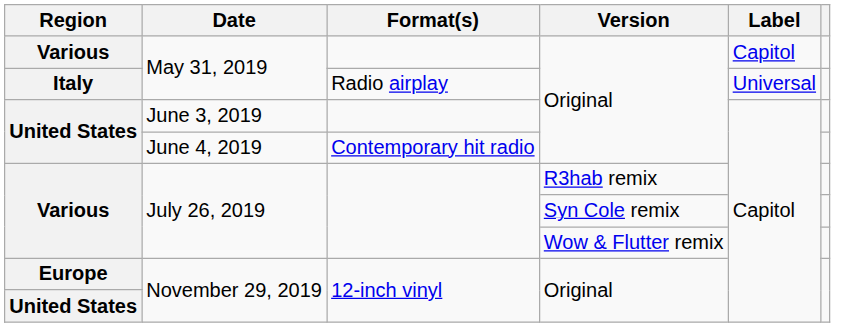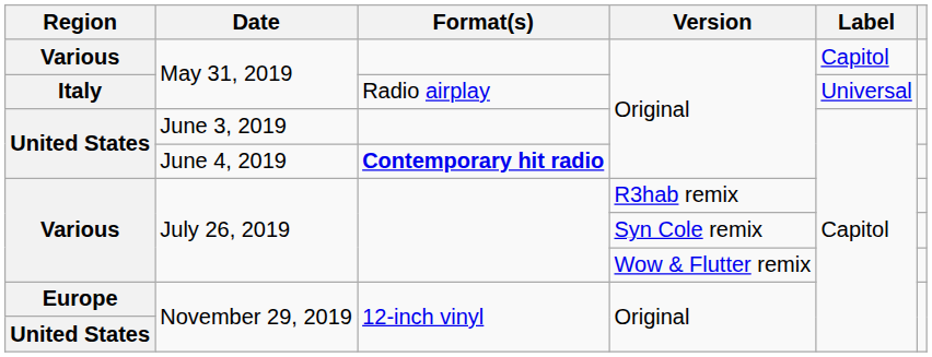 <table class="wikitable plainrowheaders">
 <tr>
 <th scope="col">Region</th>
 <th scope="col">Date</th>
 <th scope="col">Format(s)</th>
 <th scope="col">Version</th>
 <th scope="col">Label</th>
 <th scope="col"></th>
 </tr>
 <tr>
 <th scope="row">Various</th>
 <td rowspan="2">May 31, 2019</td>
 <td></td>
 <td rowspan="4">Original</td>
 <td><a href='#'>Capitol</a></td>
 <td align="center"></td>
 </tr>
 <tr>
 <th scope="row">Italy</th>
 <td>Radio <a href='#'>airplay</a></td>
 <td><a href='#'>Universal</a></td>
 <td align="center"></td>
 </tr>
 <tr>
 <th scope="row" rowspan="2">United States</th>
 <td>June 3, 2019</td>
 <td></td>
 <td rowspan="7">Capitol</td>
 <td align="center"></td>
 </tr>
 <tr>
 <td>June 4, 2019</td>
-<td><a href='#'>Contemporary hit radio</a></td>
+<td><strong><a href='#'>Contemporary hit radio</a></strong></td>
 <td align="center"></td>
 </tr>
 <tr>
 <th scope="row" rowspan="3">Various</th>
 <td rowspan="3">July 26, 2019</td>
 <td rowspan="3"></td>
 <td><a href='#'>R3hab</a> remix</td>
 <td align="center"></td>
 </tr>
 <tr>
 <td><a href='#'>Syn Cole</a> remix</td>
 <td align="center"></td>
 </tr>
 <tr>
 <td><a href='#'>Wow & Flutter</a> remix</td>
 <td align="center"></td>
 </tr>
 <tr>
 <th scope="row">Europe</th>
 <td rowspan="2">November 29, 2019</td>
 <td rowspan="2"><a href='#'>12-inch vinyl</a></td>
 <td rowspan="2">Original</td>
 <td align="center" rowspan="2"></td>
 </tr>
 <tr>
 <th scope="row">United States</th>
 </tr>
 </table>
